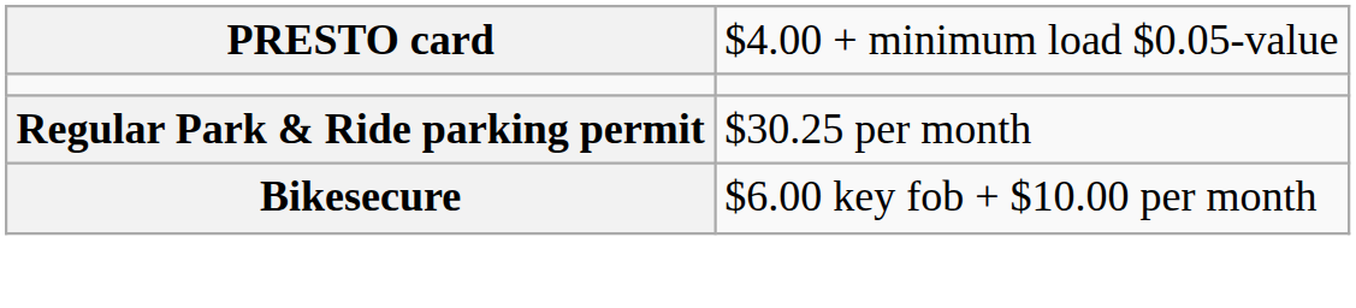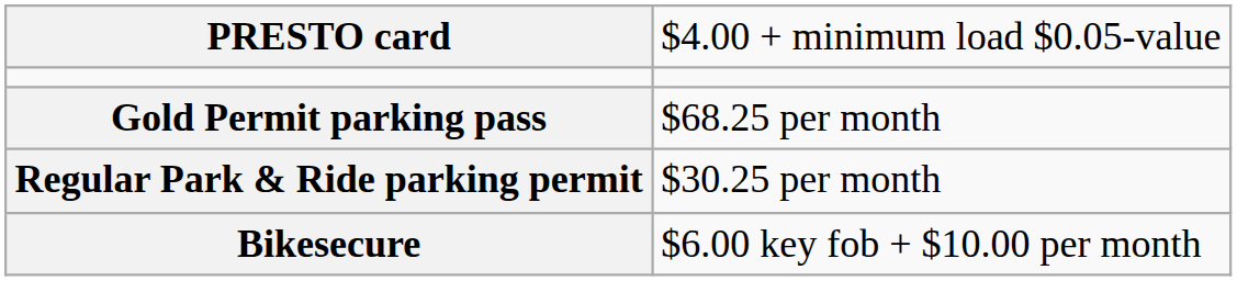 <table class="wikitable">
 <tr>
 <th>PRESTO card</th>
 <td>$4.00 + minimum load $0.05-value</td>
 </tr>
 <tr>
 <td></td>
+</tr>
+<tr>
+<th>Gold Permit parking pass</th>
+<td>$68.25 per month</td>
 </tr>
 <tr>
 <th>Regular Park & Ride parking permit</th>
 <td>$30.25 per month</td>
 </tr>
 <tr>
 <th>Bikesecure</th>
 <td>$6.00 key fob + $10.00 per month</td>
 </tr>
 </table>
